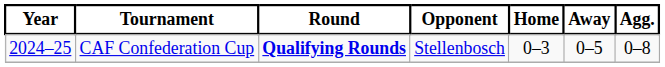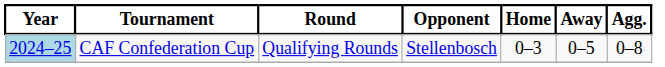 <table class="wikitable">
 <tr>
 <th style="background:white; color:; border:2px solid ;" scope="col">Year</th>
 <th style="background:white; color:; border:2px solid ;" scope="col">Tournament</th>
 <th style="background:white; color:; border:2px solid ;" scope="col">Round</th>
 <th style="background:white; color:; border:2px solid ;" scope="col">Opponent</th>
 <th style="background:white; color:; border:2px solid ;" scope="col">Home</th>
 <th style="background:white; color:; border:2px solid ;" scope="col">Away</th>
 <th style="background:white; color:; border:2px solid ;" scope="col">Agg.</th>
 </tr>
 <tr>
 </tr>
 <tr>
-<td><a href='#'>2024–25</a></td>
+<td style="background: lightblue;"><a href='#'>2024–25</a></td>
 <td><a href='#'>CAF Confederation Cup</a></td>
-<td><strong><a href='#'>Qualifying Rounds</a></strong></td>
+<td><a href='#'>Qualifying Rounds</a></td>
 <td> <a href='#'>Stellenbosch</a></td>
 <td align="center">0–3</td>
 <td align="center">0–5</td>
 <td align="center">0–8</td>
 </tr>
 <tr>
 </tr>
 </table>
